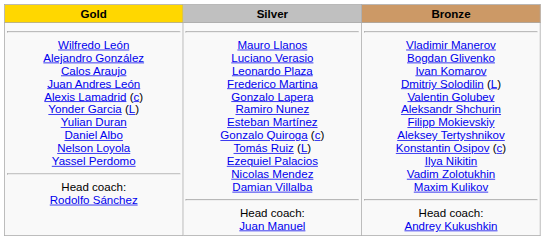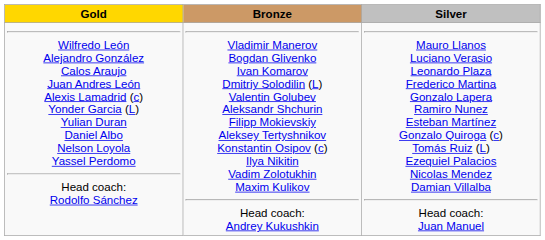 <table class="wikitable" style="font-size:95%;">
 <tr align="center">
 <th style="width: 15em; background: #ffd700">Gold</th>
+<th style="width: 15em; background: #cc9966">Bronze</th>
 <th style="width: 15em; background: #c0c0c0">Silver</th>
-<th style="width: 15em; background: #cc9966">Bronze</th>
 </tr>
 <tr align="center" valign="top">
 <td><hr><a href='#'>Wilfredo León</a><br><a href='#'>Alejandro González</a><br><a href='#'>Calos Araujo</a><br><a href='#'>Juan Andres León</a><br><a href='#'>Alexis Lamadrid</a> (<a href='#'>c</a>)<br><a href='#'>Yonder Garcia</a> (<a href='#'>L</a>)<br><a href='#'>Yulian Duran</a><br><a href='#'>Daniel Albo</a><br><a href='#'>Nelson Loyola</a><br><a href='#'>Yassel Perdomo</a><br><hr>Head coach:<br><a href='#'>Rodolfo Sánchez</a></td>
+<td><hr><a href='#'>Vladimir Manerov</a><br><a href='#'>Bogdan Glivenko</a><br><a href='#'>Ivan Komarov</a><br><a href='#'>Dmitriy Solodilin</a> (<a href='#'>L</a>)<br><a href='#'>Valentin Golubev</a><br><a href='#'>Aleksandr Shchurin</a><br><a href='#'>Filipp Mokievskiy</a><br><a href='#'>Aleksey Tertyshnikov</a><br><a href='#'>Konstantin Osipov</a> (<a href='#'>c</a>)<br><a href='#'>Ilya Nikitin</a><br><a href='#'>Vadim Zolotukhin</a><br><a href='#'>Maxim Kulikov</a><br><hr>Head coach:<br><a href='#'>Andrey Kukushkin</a></td>
 <td><hr><a href='#'>Mauro Llanos</a><br><a href='#'>Luciano Verasio</a><br><a href='#'>Leonardo Plaza</a><br><a href='#'>Frederico Martina</a><br><a href='#'>Gonzalo Lapera</a><br><a href='#'>Ramiro Nunez</a><br><a href='#'>Esteban Martínez</a><br><a href='#'>Gonzalo Quiroga</a> (<a href='#'>c</a>)<br><a href='#'>Tomás Ruiz</a> (<a href='#'>L</a>)<br><a href='#'>Ezequiel Palacios</a><br><a href='#'>Nicolas Mendez</a><br><a href='#'>Damian Villalba</a><br><hr>Head coach:<br><a href='#'>Juan Manuel</a></td>
-<td><hr><a href='#'>Vladimir Manerov</a><br><a href='#'>Bogdan Glivenko</a><br><a href='#'>Ivan Komarov</a><br><a href='#'>Dmitriy Solodilin</a> (<a href='#'>L</a>)<br><a href='#'>Valentin Golubev</a><br><a href='#'>Aleksandr Shchurin</a><br><a href='#'>Filipp Mokievskiy</a><br><a href='#'>Aleksey Tertyshnikov</a><br><a href='#'>Konstantin Osipov</a> (<a href='#'>c</a>)<br><a href='#'>Ilya Nikitin</a><br><a href='#'>Vadim Zolotukhin</a><br><a href='#'>Maxim Kulikov</a><br><hr>Head coach:<br><a href='#'>Andrey Kukushkin</a></td>
 </tr>
 </table>
